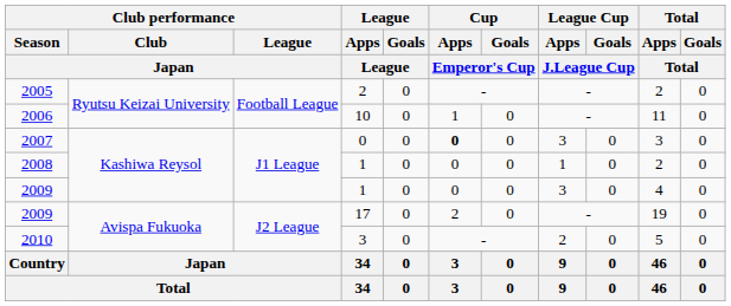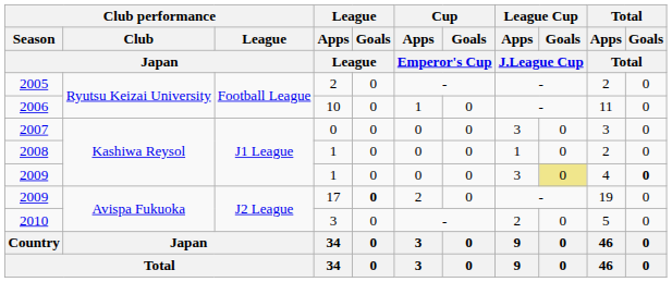 <table class="wikitable" style="text-align:center;">
 <tr>
 <th colspan=3>Club performance</th>
 <th colspan=2>League</th>
 <th colspan=2>Cup</th>
 <th colspan=2>League Cup</th>
 <th colspan=2>Total</th>
 </tr>
 <tr>
 <th>Season</th>
 <th>Club</th>
 <th>League</th>
 <th>Apps</th>
 <th>Goals</th>
 <th>Apps</th>
 <th>Goals</th>
 <th>Apps</th>
 <th>Goals</th>
 <th>Apps</th>
 <th>Goals</th>
 </tr>
 <tr>
 <th colspan=3>Japan</th>
 <th colspan=2>League</th>
 <th colspan=2><a href='#'>Emperor's Cup</a></th>
 <th colspan=2><a href='#'>J.League Cup</a></th>
 <th colspan=2>Total</th>
 </tr>
 <tr>
 <td><a href='#'>2005</a></td>
 <td rowspan="2"><a href='#'>Ryutsu Keizai University</a></td>
 <td rowspan="2"><a href='#'>Football League</a></td>
 <td>2</td>
 <td>0</td>
 <td colspan="2">-</td>
 <td colspan="2">-</td>
 <td>2</td>
 <td>0</td>
 </tr>
 <tr>
 <td><a href='#'>2006</a></td>
 <td>10</td>
 <td>0</td>
 <td>1</td>
 <td>0</td>
 <td colspan="2">-</td>
 <td>11</td>
 <td>0</td>
 </tr>
 <tr>
 <td><a href='#'>2007</a></td>
 <td rowspan="3"><a href='#'>Kashiwa Reysol</a></td>
 <td rowspan="3"><a href='#'>J1 League</a></td>
 <td>0</td>
 <td>0</td>
-<td><strong>0</strong></td>
+<td>0</td>
 <td>0</td>
 <td>3</td>
 <td>0</td>
 <td>3</td>
 <td>0</td>
 </tr>
 <tr>
 <td><a href='#'>2008</a></td>
 <td>1</td>
 <td>0</td>
 <td>0</td>
 <td>0</td>
 <td>1</td>
 <td>0</td>
 <td>2</td>
 <td>0</td>
 </tr>
 <tr>
 <td><a href='#'>2009</a></td>
 <td>1</td>
 <td>0</td>
 <td>0</td>
 <td>0</td>
 <td>3</td>
-<td>0</td>
+<td style="background: khaki;">0</td>
 <td>4</td>
-<td>0</td>
+<td><strong>0</strong></td>
 </tr>
 <tr>
 <td><a href='#'>2009</a></td>
 <td rowspan="2"><a href='#'>Avispa Fukuoka</a></td>
 <td rowspan="2"><a href='#'>J2 League</a></td>
 <td>17</td>
-<td>0</td>
+<td><strong>0</strong></td>
 <td>2</td>
 <td>0</td>
 <td colspan="2">-</td>
 <td>19</td>
 <td>0</td>
 </tr>
 <tr>
 <td><a href='#'>2010</a></td>
 <td>3</td>
 <td>0</td>
 <td colspan="2">-</td>
 <td>2</td>
 <td>0</td>
 <td>5</td>
 <td>0</td>
 </tr>
 <tr>
 <th rowspan=1>Country</th>
 <th colspan=2>Japan</th>
 <th>34</th>
 <th>0</th>
 <th>3</th>
 <th>0</th>
 <th>9</th>
 <th>0</th>
 <th>46</th>
 <th>0</th>
 </tr>
 <tr>
 <th colspan=3>Total</th>
 <th>34</th>
 <th>0</th>
 <th>3</th>
 <th>0</th>
 <th>9</th>
 <th>0</th>
 <th>46</th>
 <th>0</th>
 </tr>
 </table>
